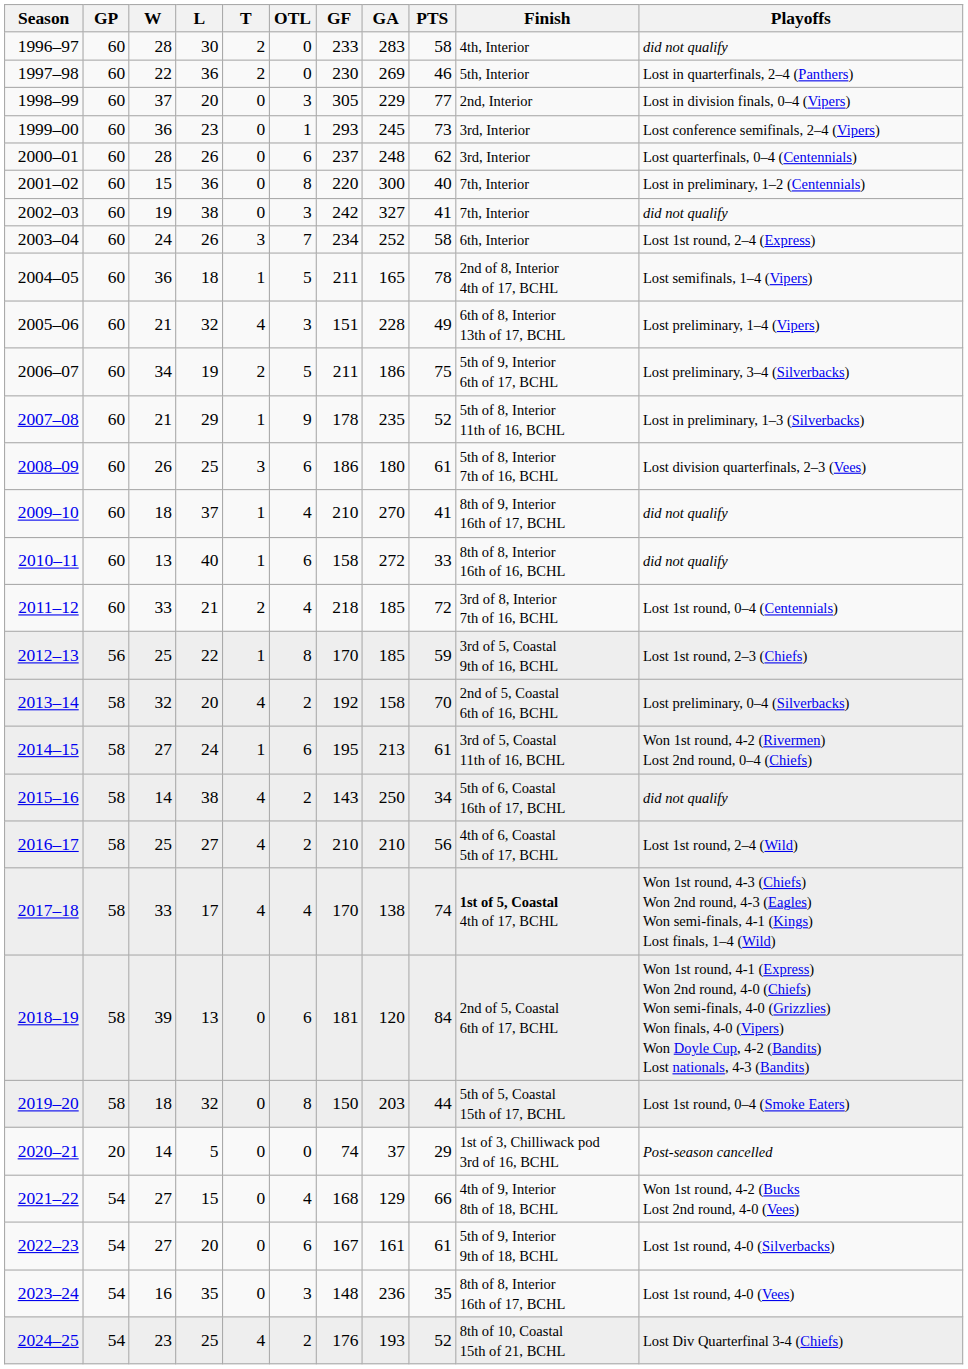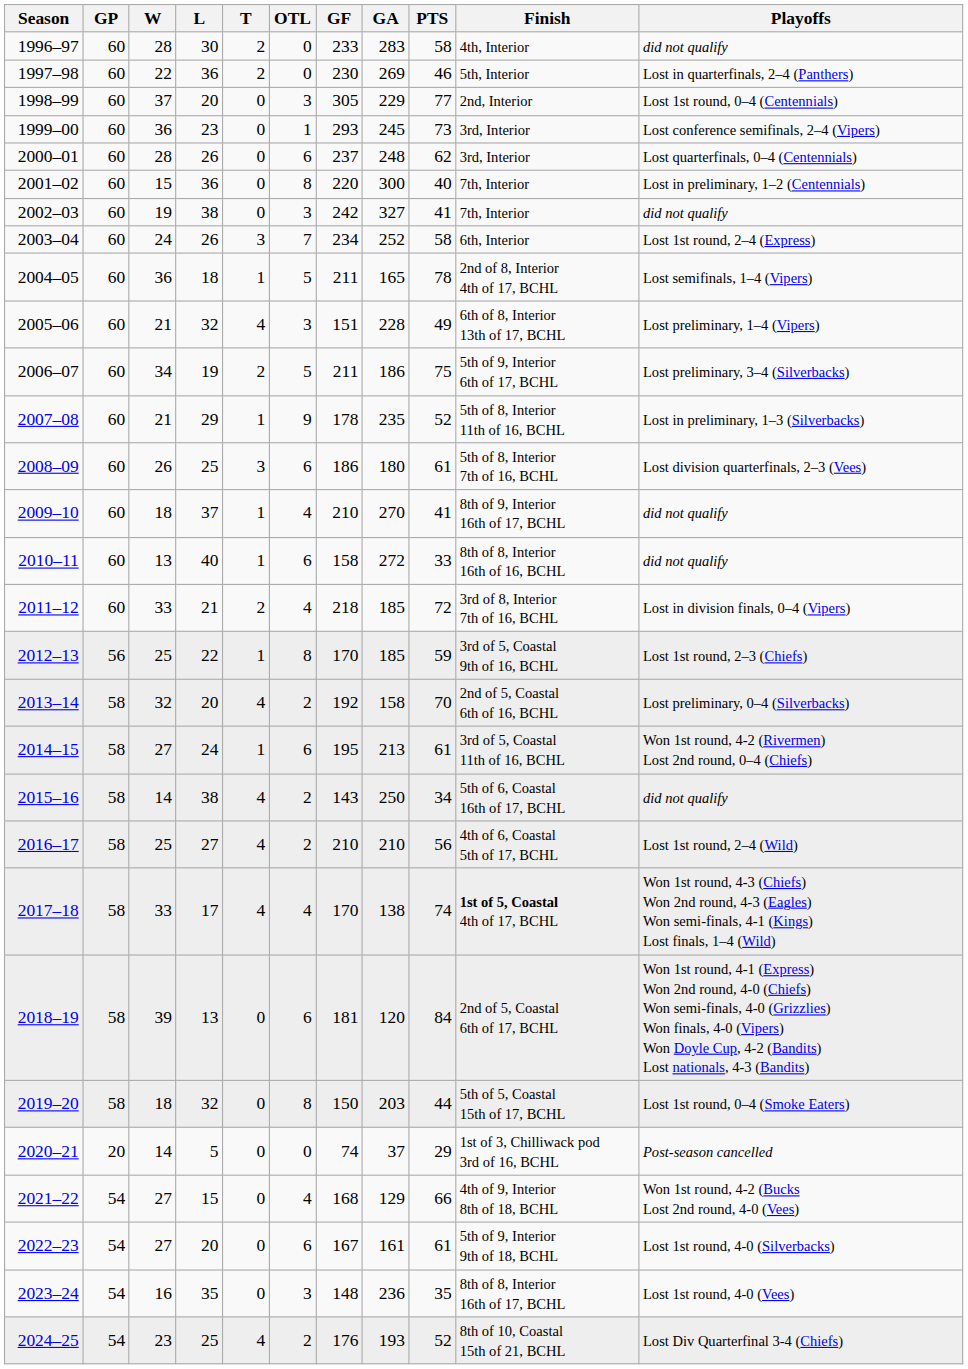 <table class="wikitable" style="min-width:55em; text-align:right;">
 <tr>
 <th style=width:4em>Season</th>
 <th style=width:2.2em><abbr>GP</abbr></th>
 <th style=width:2.2em><abbr>W</abbr></th>
 <th style=width:2.2em><abbr>L</abbr></th>
 <th style=width:2.2em><abbr>T</abbr></th>
 <th style=width:2.2em><abbr>OTL</abbr></th>
 <th style=width:2.2em><abbr>GF</abbr></th>
 <th style=width:2.2em><abbr>GA</abbr></th>
 <th style=width:2.2em><abbr>PTS</abbr></th>
 <th style=width:10em>Finish</th>
 <th style=width:18em>Playoffs</th>
 </tr>
 <tr>
 <td>1996–97</td>
 <td>60</td>
 <td>28</td>
 <td>30</td>
 <td>2</td>
 <td>0</td>
 <td>233</td>
 <td>283</td>
 <td>58</td>
 <td align=left><small> 4th, Interior</small></td>
 <td align=left><small> <em>did not qualify</em></small></td>
 </tr>
 <tr>
 <td>1997–98</td>
 <td>60</td>
 <td>22</td>
 <td>36</td>
 <td>2</td>
 <td>0</td>
 <td>230</td>
 <td>269</td>
 <td>46</td>
 <td align=left><small> 5th, Interior </small></td>
 <td align=left><small> Lost in quarterfinals, 2–4 (<a href='#'>Panthers</a>)</small></td>
 </tr>
 <tr>
 <td>1998–99</td>
 <td>60</td>
 <td>37</td>
 <td>20</td>
 <td>0</td>
 <td>3</td>
 <td>305</td>
 <td>229</td>
 <td>77</td>
 <td align=left><small> 2nd, Interior </small></td>
-<td align=left><small> Lost in division finals, 0–4 (<a href='#'>Vipers</a>)</small></td>
+<td align=left><small>Lost 1st round, 0–4 (<a href='#'>Centennials</a>)</small></td>
 </tr>
 <tr>
 <td>1999–00</td>
 <td>60</td>
 <td>36</td>
 <td>23</td>
 <td>0</td>
 <td>1</td>
 <td>293</td>
 <td>245</td>
 <td>73</td>
 <td align=left><small> 3rd, Interior </small></td>
 <td align=left><small> Lost conference semifinals, 2–4 (<a href='#'>Vipers</a>)</small></td>
 </tr>
 <tr>
 <td>2000–01</td>
 <td>60</td>
 <td>28</td>
 <td>26</td>
 <td>0</td>
 <td>6</td>
 <td>237</td>
 <td>248</td>
 <td>62</td>
 <td align=left><small> 3rd, Interior </small></td>
 <td align=left><small> Lost quarterfinals, 0–4 (<a href='#'>Centennials</a>)</small></td>
 </tr>
 <tr>
 <td>2001–02</td>
 <td>60</td>
 <td>15</td>
 <td>36</td>
 <td>0</td>
 <td>8</td>
 <td>220</td>
 <td>300</td>
 <td>40</td>
 <td align=left><small> 7th, Interior </small></td>
 <td align=left><small> Lost in preliminary, 1–2 (<a href='#'>Centennials</a>)</small></td>
 </tr>
 <tr>
 <td>2002–03</td>
 <td>60</td>
 <td>19</td>
 <td>38</td>
 <td>0</td>
 <td>3</td>
 <td>242</td>
 <td>327</td>
 <td>41</td>
 <td align=left><small> 7th, Interior </small></td>
 <td align=left><small> <em>did not qualify</em></small></td>
 </tr>
 <tr>
 <td>2003–04</td>
 <td>60</td>
 <td>24</td>
 <td>26</td>
 <td>3</td>
 <td>7</td>
 <td>234</td>
 <td>252</td>
 <td>58</td>
 <td align=left><small> 6th, Interior </small></td>
 <td align=left><small>Lost 1st round, 2–4 (<a href='#'>Express</a>)</small></td>
 </tr>
 <tr>
 <td>2004–05</td>
 <td>60</td>
 <td>36</td>
 <td>18</td>
 <td>1</td>
 <td>5</td>
 <td>211</td>
 <td>165</td>
 <td>78</td>
 <td align=left><small> 2nd of 8, Interior<br>4th of 17, BCHL</small></td>
 <td align=left><small> Lost semifinals, 1–4 (<a href='#'>Vipers</a>)</small></td>
 </tr>
 <tr>
 <td>2005–06</td>
 <td>60</td>
 <td>21</td>
 <td>32</td>
 <td>4</td>
 <td>3</td>
 <td>151</td>
 <td>228</td>
 <td>49</td>
 <td align=left><small>6th of 8, Interior<br>13th of 17, BCHL</small></td>
 <td align=left><small> Lost preliminary, 1–4 (<a href='#'>Vipers</a>)</small></td>
 </tr>
 <tr>
 <td>2006–07</td>
 <td>60</td>
 <td>34</td>
 <td>19</td>
 <td>2</td>
 <td>5</td>
 <td>211</td>
 <td>186</td>
 <td>75</td>
 <td align=left><small>5th of 9, Interior<br>6th of 17, BCHL</small></td>
 <td align=left><small> Lost preliminary, 3–4 (<a href='#'>Silverbacks</a>)</small></td>
 </tr>
 <tr>
 <td><a href='#'>2007–08</a></td>
 <td>60</td>
 <td>21</td>
 <td>29</td>
 <td>1</td>
 <td>9</td>
 <td>178</td>
 <td>235</td>
 <td>52</td>
 <td align=left><small>5th of 8, Interior<br>11th of 16, BCHL</small></td>
 <td align=left><small>Lost in preliminary, 1–3 (<a href='#'>Silverbacks</a>)</small></td>
 </tr>
 <tr>
 <td><a href='#'>2008–09</a></td>
 <td>60</td>
 <td>26</td>
 <td>25</td>
 <td>3</td>
 <td>6</td>
 <td>186</td>
 <td>180</td>
 <td>61</td>
 <td align=left><small>5th of 8, Interior<br>7th of 16, BCHL</small></td>
 <td align=left><small> Lost division quarterfinals, 2–3 (<a href='#'>Vees</a>)</small></td>
 </tr>
 <tr>
 <td><a href='#'>2009–10</a></td>
 <td>60</td>
 <td>18</td>
 <td>37</td>
 <td>1</td>
 <td>4</td>
 <td>210</td>
 <td>270</td>
 <td>41</td>
 <td align=left><small>8th of 9, Interior<br>16th of 17, BCHL</small></td>
 <td align=left><small> <em>did not qualify</em></small></td>
 </tr>
 <tr>
 <td><a href='#'>2010–11</a></td>
 <td>60</td>
 <td>13</td>
 <td>40</td>
 <td>1</td>
 <td>6</td>
 <td>158</td>
 <td>272</td>
 <td>33</td>
 <td align=left><small> 8th of 8, Interior<br>16th of 16, BCHL</small></td>
 <td align=left><small><em>did not qualify</em></small></td>
 </tr>
 <tr>
 <td><a href='#'>2011–12</a></td>
 <td>60</td>
 <td>33</td>
 <td>21</td>
 <td>2</td>
 <td>4</td>
 <td>218</td>
 <td>185</td>
 <td>72</td>
 <td align=left><small>3rd of 8, Interior<br>7th of 16, BCHL</small></td>
-<td align=left><small>Lost 1st round, 0–4 (<a href='#'>Centennials</a>)</small></td>
+<td align=left><small> Lost in division finals, 0–4 (<a href='#'>Vipers</a>)</small></td>
 </tr>
 <tr style="background:#eee">
 <td><a href='#'>2012–13</a></td>
 <td>56</td>
 <td>25</td>
 <td>22</td>
 <td>1</td>
 <td>8</td>
 <td>170</td>
 <td>185</td>
 <td>59</td>
 <td align=left><small>3rd of 5, Coastal<br>9th of 16, BCHL</small></td>
 <td align=left><small>Lost 1st round, 2–3 (<a href='#'>Chiefs</a>)</small></td>
 </tr>
 <tr style="background:#eee">
 <td><a href='#'>2013–14</a></td>
 <td>58</td>
 <td>32</td>
 <td>20</td>
 <td>4</td>
 <td>2</td>
 <td>192</td>
 <td>158</td>
 <td>70</td>
 <td align=left><small>2nd of 5, Coastal<br>6th of 16, BCHL</small></td>
 <td align=left><small> Lost preliminary, 0–4 (<a href='#'>Silverbacks</a>)</small></td>
 </tr>
 <tr style="background:#eee">
 <td><a href='#'>2014–15</a></td>
 <td>58</td>
 <td>27</td>
 <td>24</td>
 <td>1</td>
 <td>6</td>
 <td>195</td>
 <td>213</td>
 <td>61</td>
 <td align=left><small>3rd of 5, Coastal<br>11th of 16, BCHL</small></td>
 <td align=left><small>Won 1st round, 4-2 (<a href='#'>Rivermen</a>)<br>Lost 2nd round, 0–4 (<a href='#'>Chiefs</a>)</small></td>
 </tr>
 <tr style="background:#eee">
 <td><a href='#'>2015–16</a></td>
 <td>58</td>
 <td>14</td>
 <td>38</td>
 <td>4</td>
 <td>2</td>
 <td>143</td>
 <td>250</td>
 <td>34</td>
 <td align=left><small>5th of 6, Coastal<br>16th of 17, BCHL</small></td>
 <td align=left><small><em>did not qualify</em></small></td>
 </tr>
 <tr style="background:#eee">
 <td><a href='#'>2016–17</a></td>
 <td>58</td>
 <td>25</td>
 <td>27</td>
 <td>4</td>
 <td>2</td>
 <td>210</td>
 <td>210</td>
 <td>56</td>
 <td align=left><small>4th of 6, Coastal<br>5th of 17, BCHL</small></td>
 <td align=left><small>Lost 1st round, 2–4 (<a href='#'>Wild</a>)</small></td>
 </tr>
 <tr style="background:#eee">
 <td><a href='#'>2017–18</a></td>
 <td>58</td>
 <td>33</td>
 <td>17</td>
 <td>4</td>
 <td>4</td>
 <td>170</td>
 <td>138</td>
 <td>74</td>
 <td align=left><small><strong>1st of 5, Coastal</strong><br>4th of 17, BCHL</small></td>
 <td align=left><small>Won 1st round, 4-3 (<a href='#'>Chiefs</a>)<br>Won 2nd round, 4-3 (<a href='#'>Eagles</a>)<br>Won semi-finals, 4-1 (<a href='#'>Kings</a>)<br>Lost finals, 1–4 (<a href='#'>Wild</a>)</small></td>
 </tr>
 <tr style="background:#eee">
 <td><a href='#'>2018–19</a></td>
 <td>58</td>
 <td>39</td>
 <td>13</td>
 <td>0</td>
 <td>6</td>
 <td>181</td>
 <td>120</td>
 <td>84</td>
 <td align=left><small>2nd of 5, Coastal<br>6th of 17, BCHL</small></td>
 <td align=left><small>Won 1st round, 4-1 (<a href='#'>Express</a>)<br>Won 2nd round, 4-0 (<a href='#'>Chiefs</a>)<br>Won semi-finals, 4-0 (<a href='#'>Grizzlies</a>)<br>Won finals, 4-0 (<a href='#'>Vipers</a>)<br>Won <a href='#'>Doyle Cup</a>, 4-2 (<a href='#'>Bandits</a>)<br>Lost <a href='#'>nationals</a>, 4-3 (<a href='#'>Bandits</a>)</small></td>
 </tr>
 <tr style="background:#eee">
 <td><a href='#'>2019–20</a></td>
 <td>58</td>
 <td>18</td>
 <td>32</td>
 <td>0</td>
 <td>8</td>
 <td>150</td>
 <td>203</td>
 <td>44</td>
 <td align=left><small>5th of 5, Coastal<br>15th of 17, BCHL</small></td>
 <td align=left><small>Lost 1st round, 0–4 (<a href='#'>Smoke Eaters</a>)</small></td>
 </tr>
 <tr>
 <td><a href='#'>2020–21</a></td>
 <td>20</td>
 <td>14</td>
 <td>5</td>
 <td>0</td>
 <td>0</td>
 <td>74</td>
 <td>37</td>
 <td>29</td>
 <td align=left><small>1st of 3, Chilliwack pod<br>3rd of 16, BCHL</small></td>
 <td align=left><small><em>Post-season cancelled</em></small></td>
 </tr>
 <tr>
 <td><a href='#'>2021–22</a></td>
 <td>54</td>
 <td>27</td>
 <td>15</td>
 <td>0</td>
 <td>4</td>
 <td>168</td>
 <td>129</td>
 <td>66</td>
 <td align=left><small>4th of 9, Interior<br>8th of 18, BCHL</small></td>
 <td align=left><small>Won 1st round, 4-2 (<a href='#'>Bucks</a><br>Lost 2nd round, 4-0 (<a href='#'>Vees</a>)</small></td>
 </tr>
 <tr>
 <td><a href='#'>2022–23</a></td>
 <td>54</td>
 <td>27</td>
 <td>20</td>
 <td>0</td>
 <td>6</td>
 <td>167</td>
 <td>161</td>
 <td>61</td>
 <td align=left><small>5th of 9, Interior<br>9th of 18, BCHL</small></td>
 <td align=left><small>Lost 1st round, 4-0 (<a href='#'>Silverbacks</a>)</small></td>
 </tr>
 <tr>
 <td><a href='#'>2023–24</a></td>
 <td>54</td>
 <td>16</td>
 <td>35</td>
 <td>0</td>
 <td>3</td>
 <td>148</td>
 <td>236</td>
 <td>35</td>
 <td align=left><small>8th of 8, Interior<br>16th of 17, BCHL</small></td>
 <td align=left><small>Lost 1st round, 4-0 (<a href='#'>Vees</a>)</small></td>
 </tr>
 <tr style="background:#eee">
 <td><a href='#'>2024–25</a></td>
 <td>54</td>
 <td>23</td>
 <td>25</td>
 <td>4</td>
 <td>2</td>
 <td>176</td>
 <td>193</td>
 <td>52</td>
 <td align=left><small>8th of 10, Coastal<br>15th of 21, BCHL</small></td>
 <td align=left><small>Lost Div Quarterfinal 3-4 (<a href='#'>Chiefs</a>)</small></td>
 </tr>
 </table>
